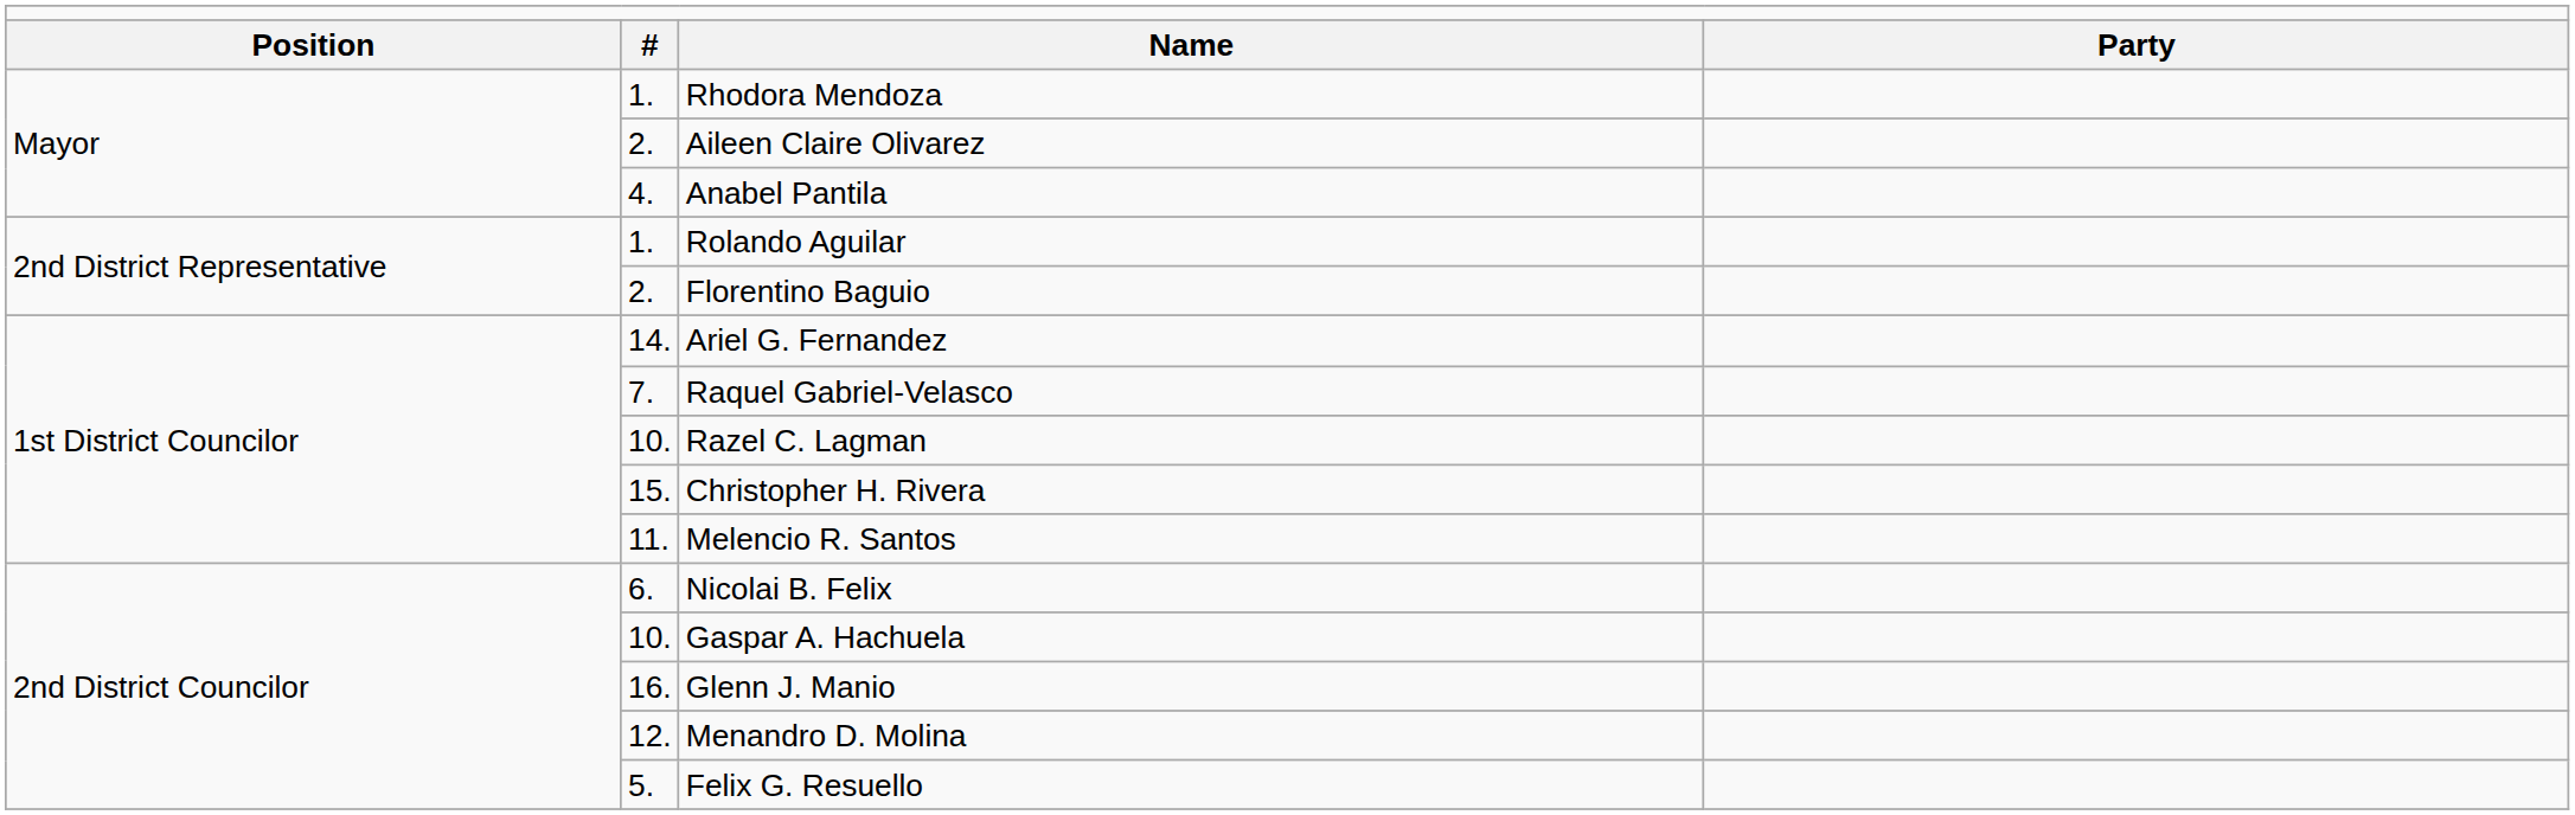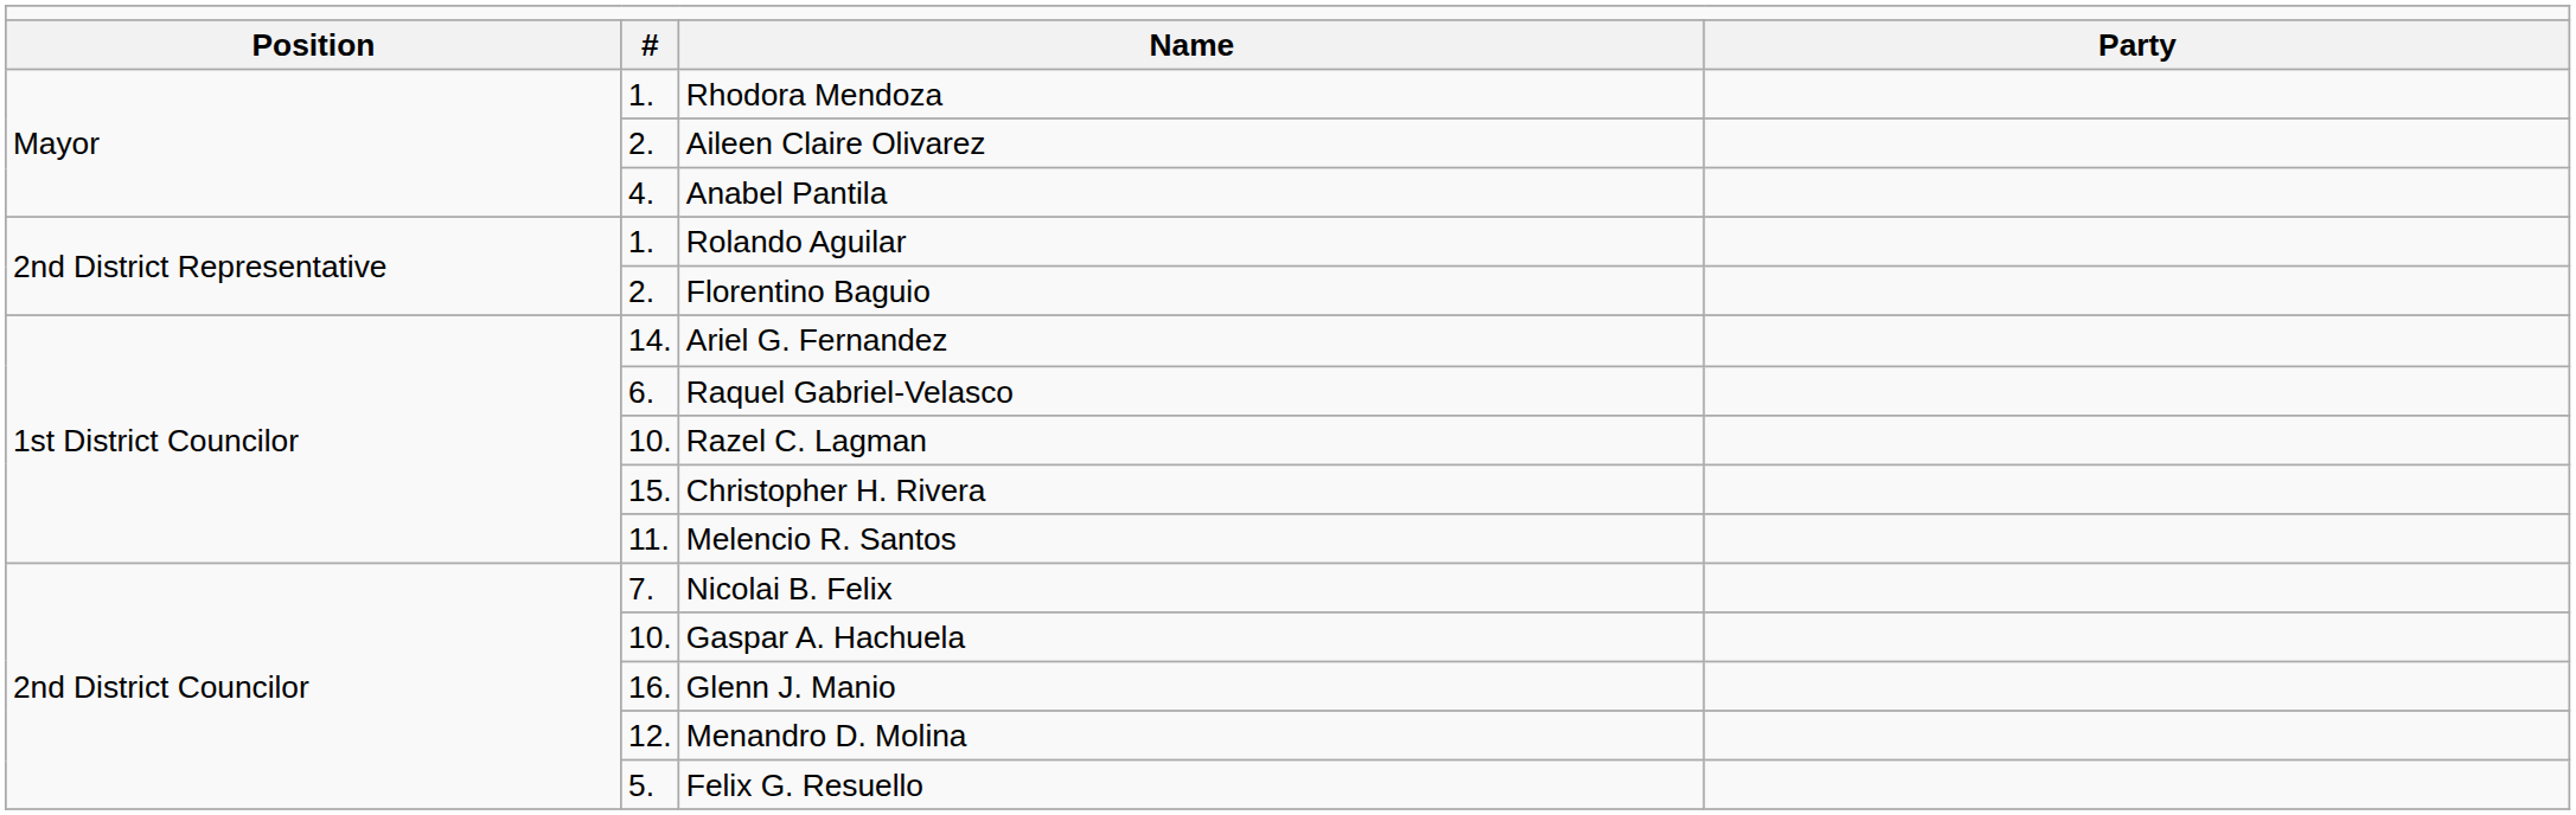 <table class=wikitable style="font-size:95%" width=99%>
 <tr>
 <td colspan="5"></td>
 </tr>
 <tr>
 <th width=24%>Position</th>
 <th width=1%>#</th>
 <th width=40%>Name</th>
 <th colspan=2>Party</th>
 </tr>
 <tr>
 <td rowspan="3">Mayor</td>
 <td>1.</td>
 <td>Rhodora Mendoza</td>
 <td></td>
 </tr>
 <tr>
 <td>2.</td>
 <td>Aileen Claire Olivarez</td>
 <td></td>
 </tr>
 <tr>
 <td>4.</td>
 <td>Anabel Pantila</td>
 <td></td>
 </tr>
 <tr>
 <td rowspan="2">2nd District Representative</td>
 <td>1.</td>
 <td>Rolando Aguilar</td>
 <td></td>
 </tr>
 <tr>
 <td>2.</td>
 <td>Florentino Baguio</td>
 <td></td>
 </tr>
 <tr>
 <td rowspan="5">1st District Councilor</td>
 <td>14.</td>
 <td>Ariel G. Fernandez</td>
 <td></td>
 </tr>
 <tr>
-<td>7.</td>
+<td>6.</td>
 <td>Raquel Gabriel-Velasco</td>
 <td></td>
 </tr>
 <tr>
 <td>10.</td>
 <td>Razel C. Lagman</td>
 <td></td>
 </tr>
 <tr>
 <td>15.</td>
 <td>Christopher H. Rivera</td>
 <td></td>
 </tr>
 <tr>
 <td>11.</td>
 <td>Melencio R. Santos</td>
 <td></td>
 </tr>
 <tr>
 <td rowspan="5">2nd District Councilor</td>
-<td>6.</td>
+<td>7.</td>
 <td>Nicolai B. Felix</td>
 <td></td>
 </tr>
 <tr>
 <td>10.</td>
 <td>Gaspar A. Hachuela</td>
 <td></td>
 </tr>
 <tr>
 <td>16.</td>
 <td>Glenn J. Manio</td>
 <td></td>
 </tr>
 <tr>
 <td>12.</td>
 <td>Menandro D. Molina</td>
 <td></td>
 </tr>
 <tr>
 <td>5.</td>
 <td>Felix G. Resuello</td>
 <td></td>
 </tr>
 </table>
